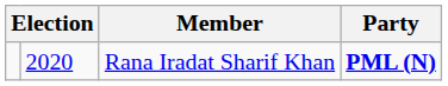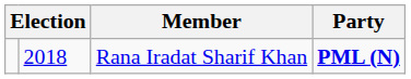 <table class="wikitable">
 <tr>
 <th colspan="2">Election</th>
 <th>Member</th>
 <th>Party</th>
 </tr>
 <tr>
 <td style="background-color: "></td>
-<td><a href='#'>2020</a></td>
+<td><a href='#'>2018</a></td>
 <td><a href='#'>Rana Iradat Sharif Khan</a></td>
 <td><strong><a href='#'>PML (N)</a></strong></td>
 </tr>
 </table>
